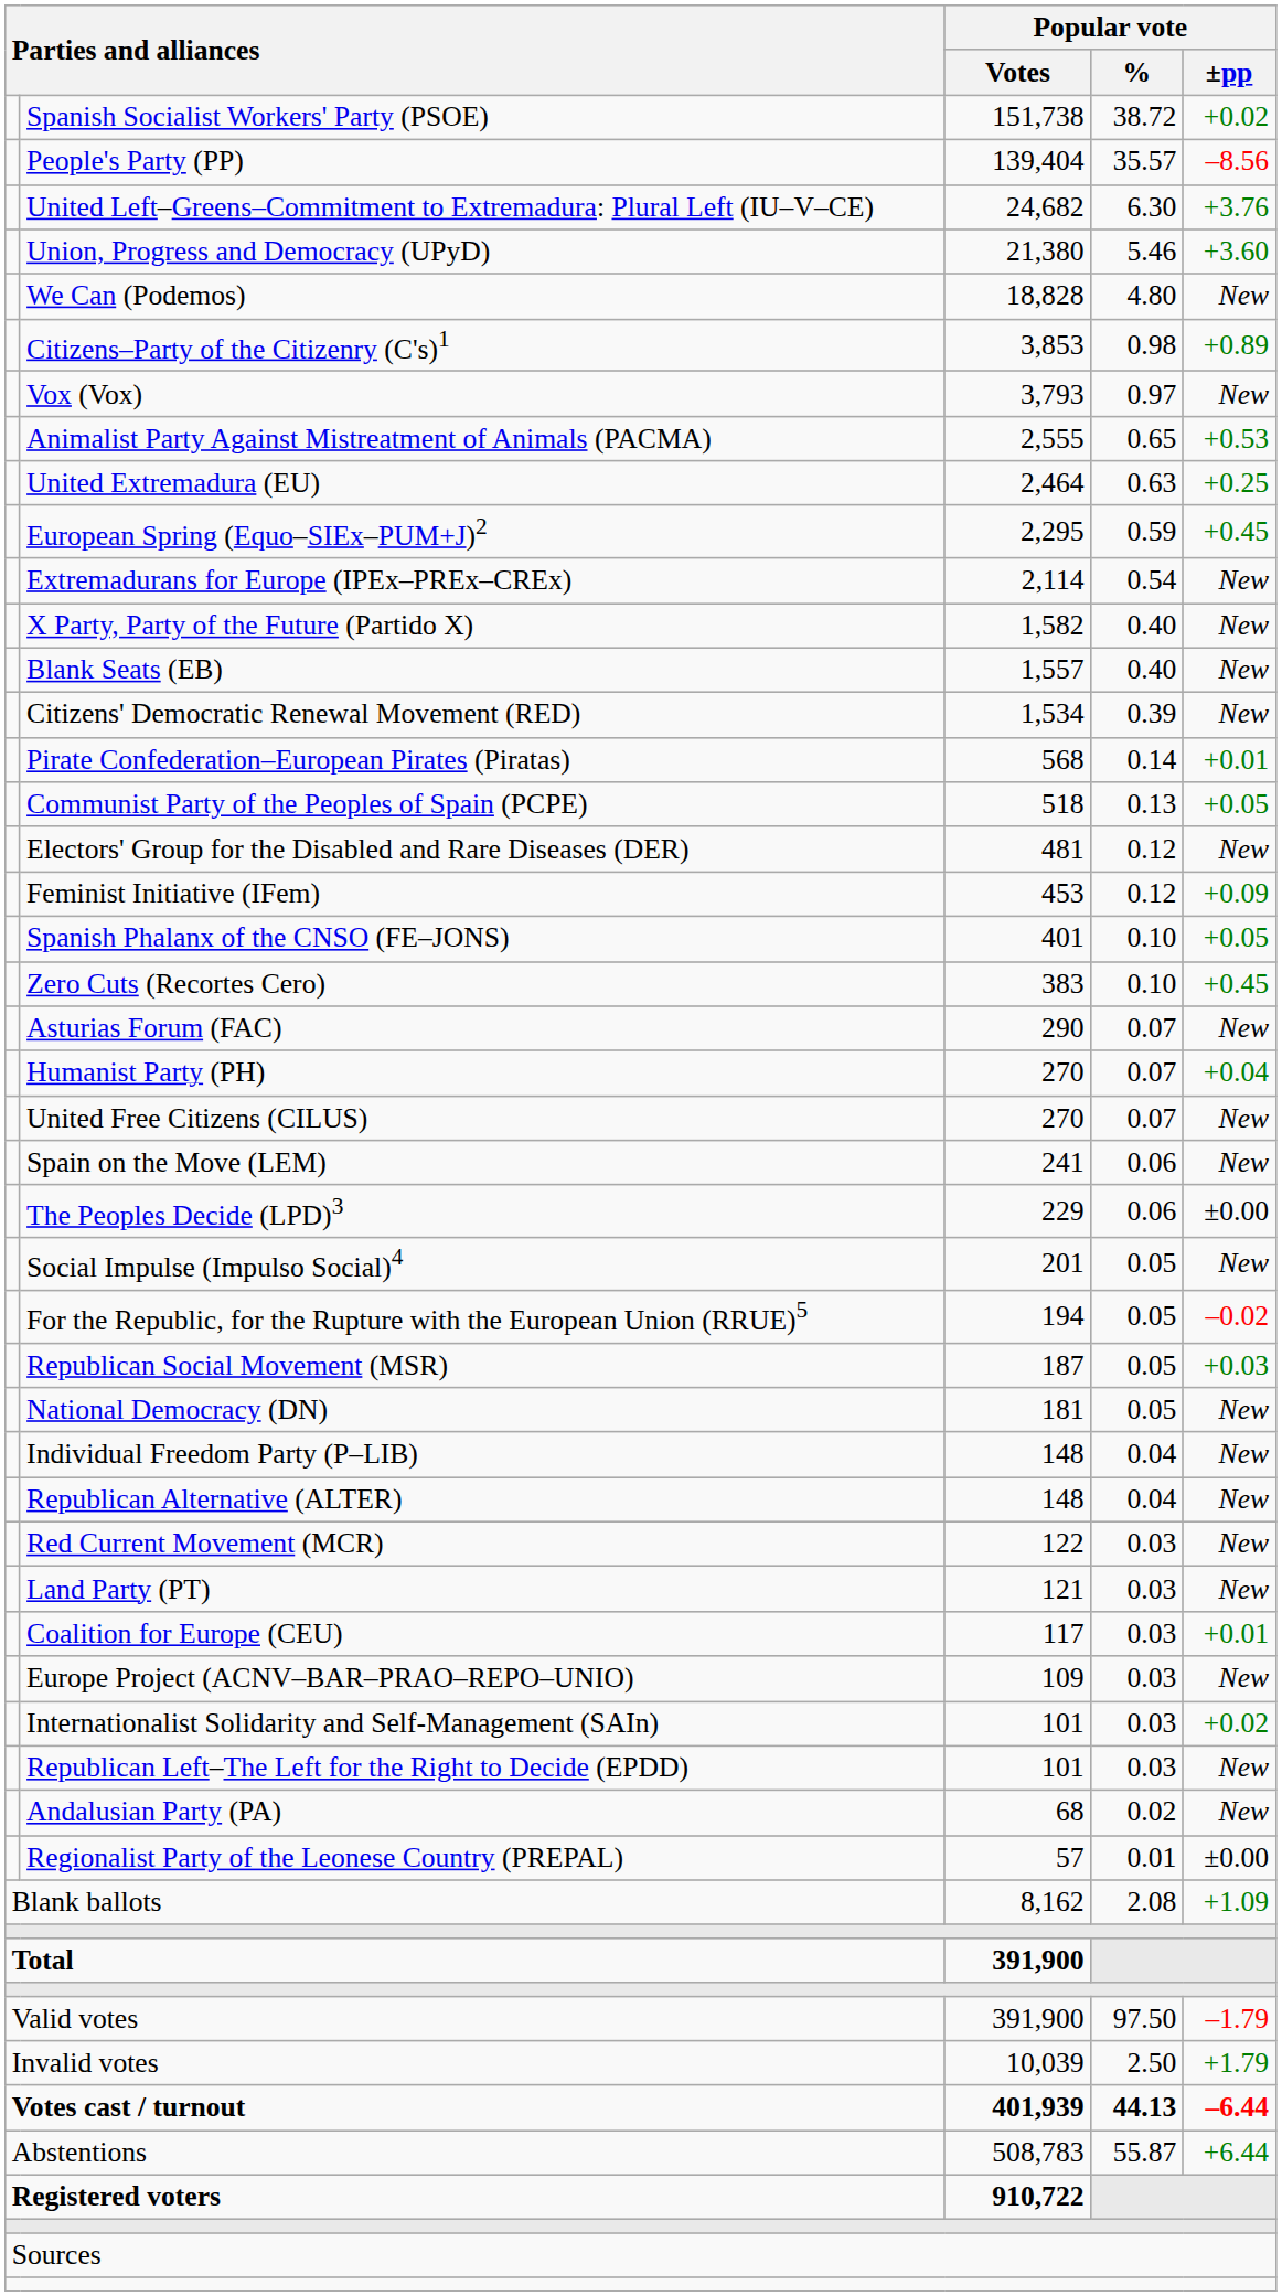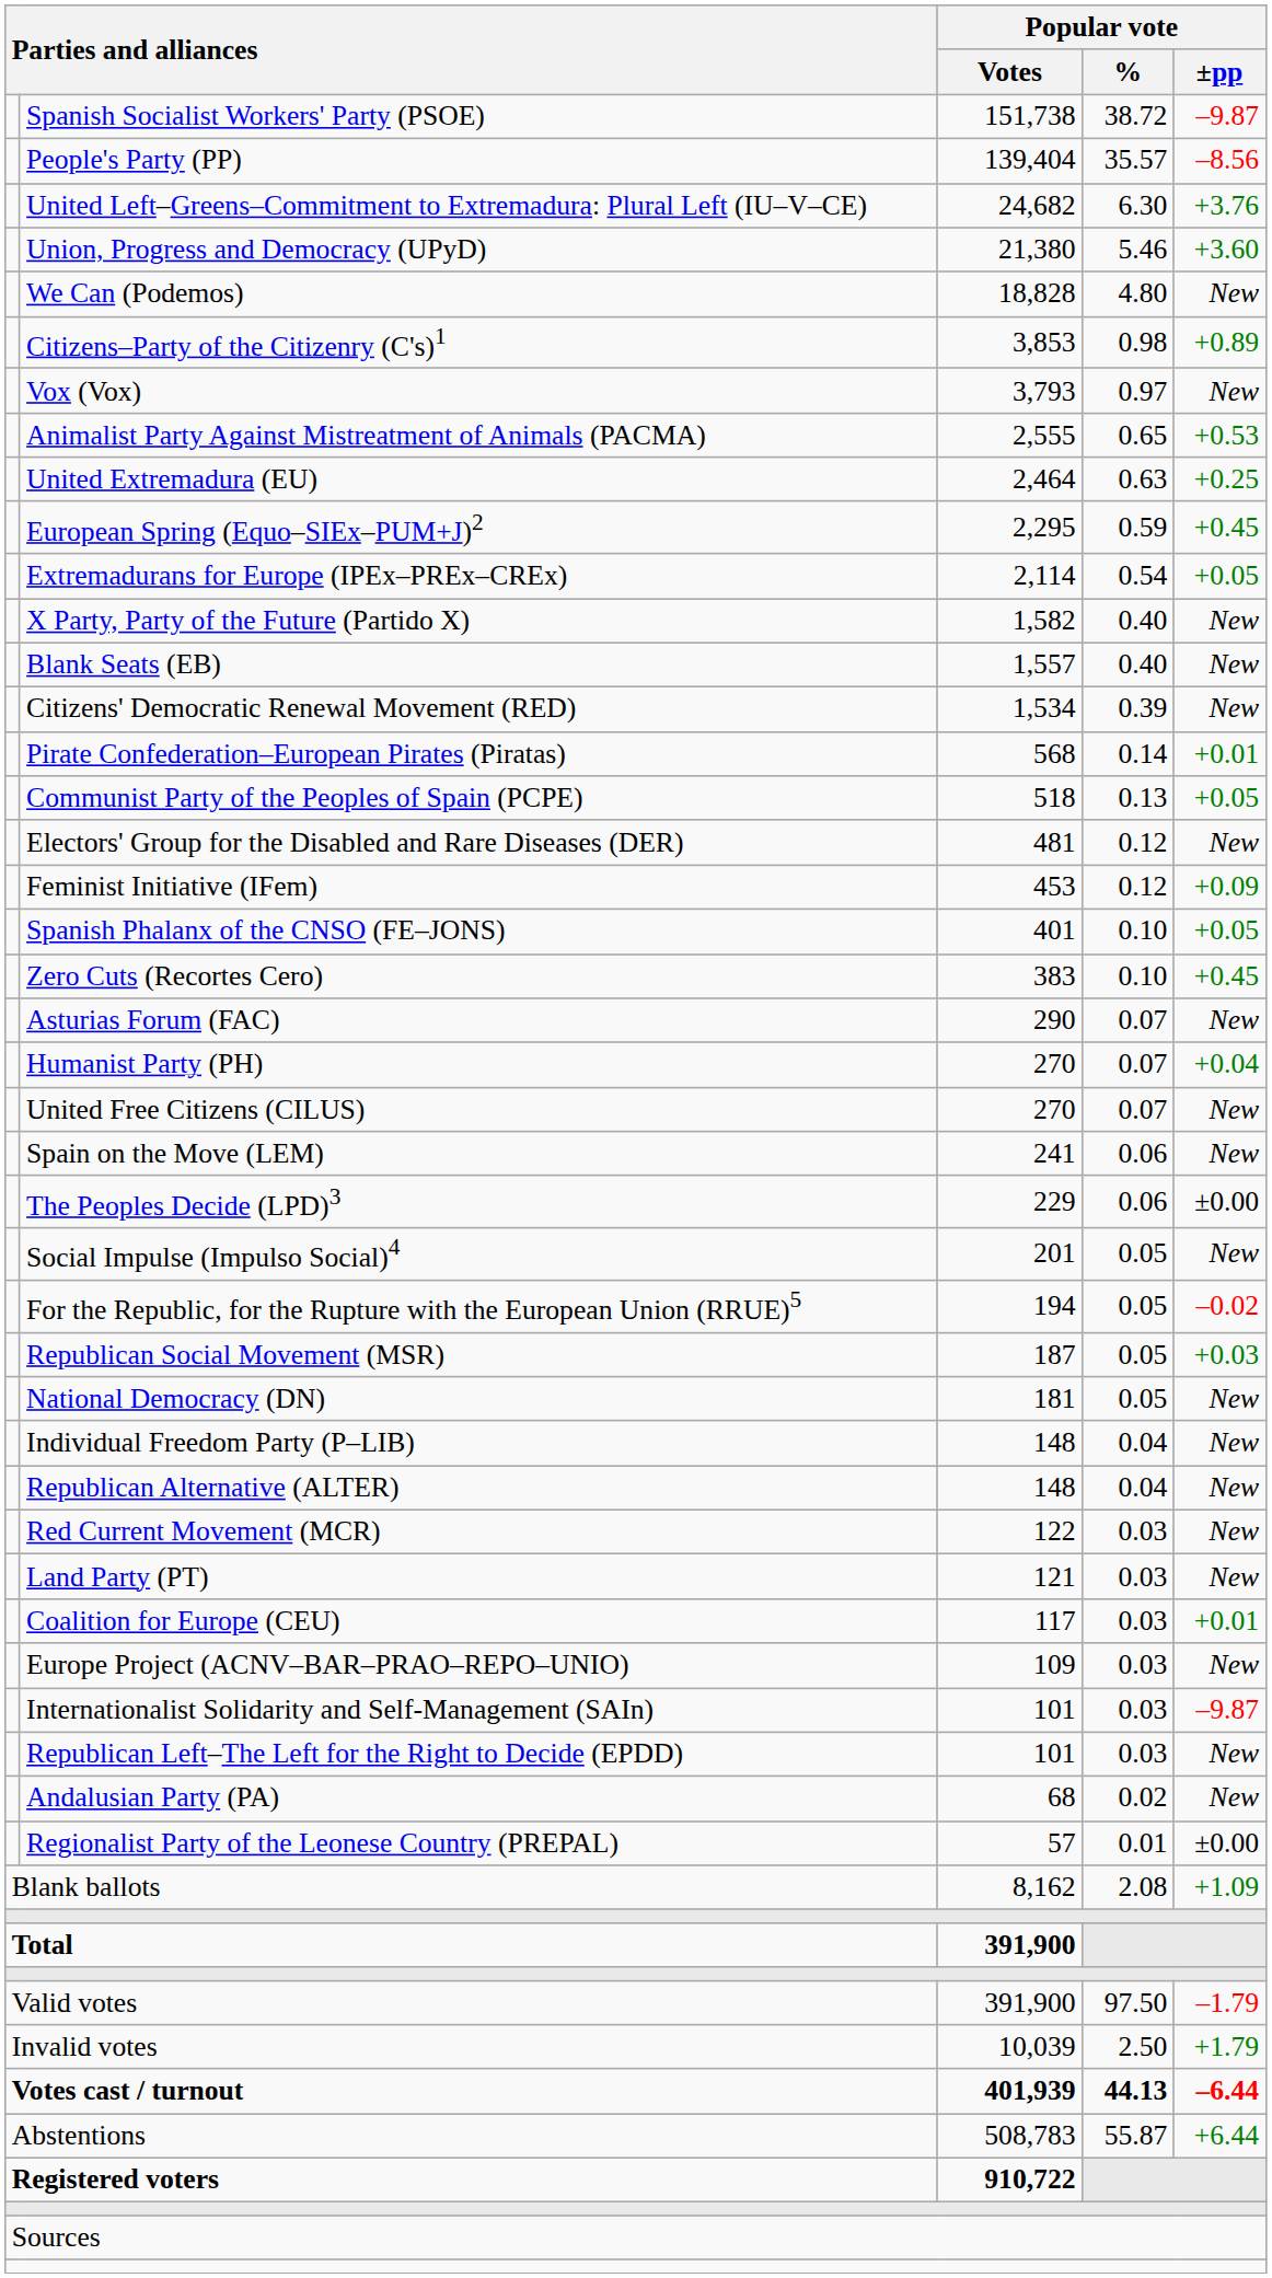 <table class="wikitable" style="text-align:right">
 <tr>
 <th style="text-align:left;" rowspan="2" colspan="2" width="525">Parties and alliances</th>
 <th colspan="3">Popular vote</th>
 </tr>
 <tr>
 <th width="75">Votes</th>
 <th width="45">%</th>
 <th width="45">±<a href='#'>pp</a></th>
 </tr>
 <tr>
 <td width="1" style="color:inherit;background:"></td>
 <td align="left"><a href='#'>Spanish Socialist Workers' Party</a> (PSOE)</td>
 <td>151,738</td>
 <td>38.72</td>
-<td style="color:green;">+0.02</td>
+<td style="color:red;">–9.87</td>
 </tr>
 <tr>
 <td style="color:inherit;background:"></td>
 <td align="left"><a href='#'>People's Party</a> (PP)</td>
 <td>139,404</td>
 <td>35.57</td>
 <td style="color:red;">–8.56</td>
 </tr>
 <tr>
 <td style="color:inherit;background:"></td>
 <td align="left"><a href='#'>United Left</a>–<a href='#'>Greens–Commitment to Extremadura</a>: <a href='#'>Plural Left</a> (IU–V–CE)</td>
 <td>24,682</td>
 <td>6.30</td>
 <td style="color:green;">+3.76</td>
 </tr>
 <tr>
 <td style="color:inherit;background:"></td>
 <td align="left"><a href='#'>Union, Progress and Democracy</a> (UPyD)</td>
 <td>21,380</td>
 <td>5.46</td>
 <td style="color:green;">+3.60</td>
 </tr>
 <tr>
 <td style="color:inherit;background:"></td>
 <td align="left"><a href='#'>We Can</a> (Podemos)</td>
 <td>18,828</td>
 <td>4.80</td>
 <td><em>New</em></td>
 </tr>
 <tr>
 <td style="color:inherit;background:"></td>
 <td align="left"><a href='#'>Citizens–Party of the Citizenry</a> (C's)<sup>1</sup></td>
 <td>3,853</td>
 <td>0.98</td>
 <td style="color:green;">+0.89</td>
 </tr>
 <tr>
 <td style="color:inherit;background:"></td>
 <td align="left"><a href='#'>Vox</a> (Vox)</td>
 <td>3,793</td>
 <td>0.97</td>
 <td><em>New</em></td>
 </tr>
 <tr>
 <td style="color:inherit;background:"></td>
 <td align="left"><a href='#'>Animalist Party Against Mistreatment of Animals</a> (PACMA)</td>
 <td>2,555</td>
 <td>0.65</td>
 <td style="color:green;">+0.53</td>
 </tr>
 <tr>
 <td style="color:inherit;background:"></td>
 <td align="left"><a href='#'>United Extremadura</a> (EU)</td>
 <td>2,464</td>
 <td>0.63</td>
 <td style="color:green;">+0.25</td>
 </tr>
 <tr>
 <td style="color:inherit;background:"></td>
 <td align="left"><a href='#'>European Spring</a> (<a href='#'>Equo</a>–<a href='#'>SIEx</a>–<a href='#'>PUM+J</a>)<sup>2</sup></td>
 <td>2,295</td>
 <td>0.59</td>
 <td style="color:green;">+0.45</td>
 </tr>
 <tr>
 <td style="color:inherit;background:"></td>
 <td align="left"><a href='#'>Extremadurans for Europe</a> (IPEx–PREx–CREx)</td>
 <td>2,114</td>
 <td>0.54</td>
-<td><em>New</em></td>
+<td style="color:green;">+0.05</td>
 </tr>
 <tr>
 <td style="color:inherit;background:"></td>
 <td align="left"><a href='#'>X Party, Party of the Future</a> (Partido X)</td>
 <td>1,582</td>
 <td>0.40</td>
 <td><em>New</em></td>
 </tr>
 <tr>
 <td style="color:inherit;background:"></td>
 <td align="left"><a href='#'>Blank Seats</a> (EB)</td>
 <td>1,557</td>
 <td>0.40</td>
 <td><em>New</em></td>
 </tr>
 <tr>
 <td style="color:inherit;background:"></td>
 <td align="left">Citizens' Democratic Renewal Movement (RED)</td>
 <td>1,534</td>
 <td>0.39</td>
 <td><em>New</em></td>
 </tr>
 <tr>
 <td style="color:inherit;background:"></td>
 <td align="left"><a href='#'>Pirate Confederation–European Pirates</a> (Piratas)</td>
 <td>568</td>
 <td>0.14</td>
 <td style="color:green;">+0.01</td>
 </tr>
 <tr>
 <td style="color:inherit;background:"></td>
 <td align="left"><a href='#'>Communist Party of the Peoples of Spain</a> (PCPE)</td>
 <td>518</td>
 <td>0.13</td>
 <td style="color:green;">+0.05</td>
 </tr>
 <tr>
 <td style="color:inherit;background:"></td>
 <td align="left">Electors' Group for the Disabled and Rare Diseases (DER)</td>
 <td>481</td>
 <td>0.12</td>
 <td><em>New</em></td>
 </tr>
 <tr>
 <td style="color:inherit;background:"></td>
 <td align="left">Feminist Initiative (IFem)</td>
 <td>453</td>
 <td>0.12</td>
 <td style="color:green;">+0.09</td>
 </tr>
 <tr>
 <td style="color:inherit;background:"></td>
 <td align="left"><a href='#'>Spanish Phalanx of the CNSO</a> (FE–JONS)</td>
 <td>401</td>
 <td>0.10</td>
 <td style="color:green;">+0.05</td>
 </tr>
 <tr>
 <td style="color:inherit;background:"></td>
 <td align="left"><a href='#'>Zero Cuts</a> (Recortes Cero)</td>
 <td>383</td>
 <td>0.10</td>
 <td style="color:green;">+0.45</td>
 </tr>
 <tr>
 <td style="color:inherit;background:"></td>
 <td align="left"><a href='#'>Asturias Forum</a> (FAC)</td>
 <td>290</td>
 <td>0.07</td>
 <td><em>New</em></td>
 </tr>
 <tr>
 <td style="color:inherit;background:"></td>
 <td align="left"><a href='#'>Humanist Party</a> (PH)</td>
 <td>270</td>
 <td>0.07</td>
 <td style="color:green;">+0.04</td>
 </tr>
 <tr>
 <td style="color:inherit;background:"></td>
 <td align="left">United Free Citizens (CILUS)</td>
 <td>270</td>
 <td>0.07</td>
 <td><em>New</em></td>
 </tr>
 <tr>
 <td style="color:inherit;background:"></td>
 <td align="left">Spain on the Move (LEM)</td>
 <td>241</td>
 <td>0.06</td>
 <td><em>New</em></td>
 </tr>
 <tr>
 <td style="color:inherit;background:"></td>
 <td align="left"><a href='#'>The Peoples Decide</a> (LPD)<sup>3</sup></td>
 <td>229</td>
 <td>0.06</td>
 <td>±0.00</td>
 </tr>
 <tr>
 <td style="color:inherit;background:"></td>
 <td align="left">Social Impulse (Impulso Social)<sup>4</sup></td>
 <td>201</td>
 <td>0.05</td>
 <td><em>New</em></td>
 </tr>
 <tr>
 <td style="color:inherit;background:"></td>
 <td align="left">For the Republic, for the Rupture with the European Union (RRUE)<sup>5</sup></td>
 <td>194</td>
 <td>0.05</td>
 <td style="color:red;">–0.02</td>
 </tr>
 <tr>
 <td style="color:inherit;background:"></td>
 <td align="left"><a href='#'>Republican Social Movement</a> (MSR)</td>
 <td>187</td>
 <td>0.05</td>
 <td style="color:green;">+0.03</td>
 </tr>
 <tr>
 <td style="color:inherit;background:"></td>
 <td align="left"><a href='#'>National Democracy</a> (DN)</td>
 <td>181</td>
 <td>0.05</td>
 <td><em>New</em></td>
 </tr>
 <tr>
 <td style="color:inherit;background:"></td>
 <td align="left">Individual Freedom Party (P–LIB)</td>
 <td>148</td>
 <td>0.04</td>
 <td><em>New</em></td>
 </tr>
 <tr>
 <td style="color:inherit;background:"></td>
 <td align="left"><a href='#'>Republican Alternative</a> (ALTER)</td>
 <td>148</td>
 <td>0.04</td>
 <td><em>New</em></td>
 </tr>
 <tr>
 <td style="color:inherit;background:"></td>
 <td align="left"><a href='#'>Red Current Movement</a> (MCR)</td>
 <td>122</td>
 <td>0.03</td>
 <td><em>New</em></td>
 </tr>
 <tr>
 <td style="color:inherit;background:"></td>
 <td align="left"><a href='#'>Land Party</a> (PT)</td>
 <td>121</td>
 <td>0.03</td>
 <td><em>New</em></td>
 </tr>
 <tr>
 <td style="color:inherit;background:"></td>
 <td align="left"><a href='#'>Coalition for Europe</a> (CEU)</td>
 <td>117</td>
 <td>0.03</td>
 <td style="color:green;">+0.01</td>
 </tr>
 <tr>
 <td style="color:inherit;background:"></td>
 <td align="left">Europe Project (ACNV–BAR–PRAO–REPO–UNIO)</td>
 <td>109</td>
 <td>0.03</td>
 <td><em>New</em></td>
 </tr>
 <tr>
 <td style="color:inherit;background:"></td>
 <td align="left">Internationalist Solidarity and Self-Management (SAIn)</td>
 <td>101</td>
 <td>0.03</td>
-<td style="color:green;">+0.02</td>
+<td style="color:red;">–9.87</td>
 </tr>
 <tr>
 <td style="color:inherit;background:"></td>
 <td align="left"><a href='#'>Republican Left</a>–<a href='#'>The Left for the Right to Decide</a> (EPDD)</td>
 <td>101</td>
 <td>0.03</td>
 <td><em>New</em></td>
 </tr>
 <tr>
 <td style="color:inherit;background:"></td>
 <td align="left"><a href='#'>Andalusian Party</a> (PA)</td>
 <td>68</td>
 <td>0.02</td>
 <td><em>New</em></td>
 </tr>
 <tr>
 <td style="color:inherit;background:"></td>
 <td align="left"><a href='#'>Regionalist Party of the Leonese Country</a> (PREPAL)</td>
 <td>57</td>
 <td>0.01</td>
 <td>±0.00</td>
 </tr>
 <tr>
 <td align="left" colspan="2">Blank ballots</td>
 <td>8,162</td>
 <td>2.08</td>
 <td style="color:green;">+1.09</td>
 </tr>
 <tr>
 <td colspan="5" bgcolor="#E9E9E9"></td>
 </tr>
 <tr style="font-weight:bold;">
 <td align="left" colspan="2">Total</td>
 <td>391,900</td>
 <td bgcolor="#E9E9E9" colspan="2"></td>
 </tr>
 <tr>
 <td colspan="5" bgcolor="#E9E9E9"></td>
 </tr>
 <tr>
 <td align="left" colspan="2">Valid votes</td>
 <td>391,900</td>
 <td>97.50</td>
 <td style="color:red;">–1.79</td>
 </tr>
 <tr>
 <td align="left" colspan="2">Invalid votes</td>
 <td>10,039</td>
 <td>2.50</td>
 <td style="color:green;">+1.79</td>
 </tr>
 <tr style="font-weight:bold;">
 <td align="left" colspan="2">Votes cast / turnout</td>
 <td>401,939</td>
 <td>44.13</td>
 <td style="color:red;">–6.44</td>
 </tr>
 <tr>
 <td align="left" colspan="2">Abstentions</td>
 <td>508,783</td>
 <td>55.87</td>
 <td style="color:green;">+6.44</td>
 </tr>
 <tr style="font-weight:bold;">
 <td align="left" colspan="2">Registered voters</td>
 <td>910,722</td>
 <td bgcolor="#E9E9E9" colspan="2"></td>
 </tr>
 <tr>
 <td colspan="5" bgcolor="#E9E9E9"></td>
 </tr>
 <tr>
 <td align="left" colspan="5">Sources</td>
 </tr>
 <tr>
 <td colspan="5" style="text-align:left; max-width:680px;"></td>
 </tr>
 </table>
